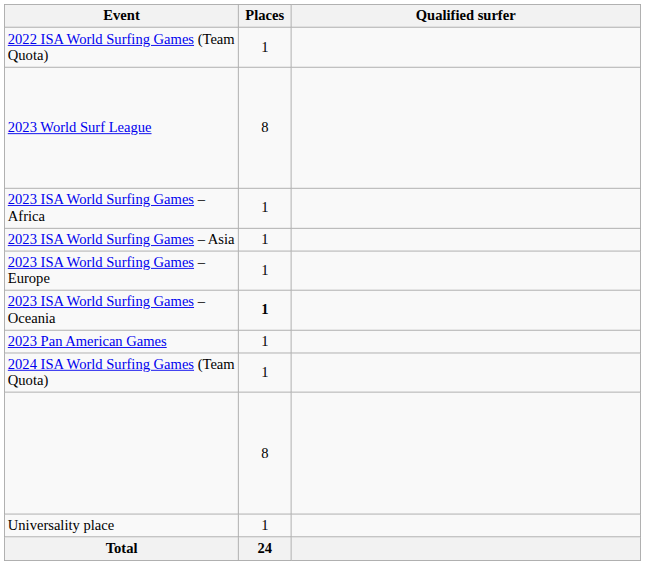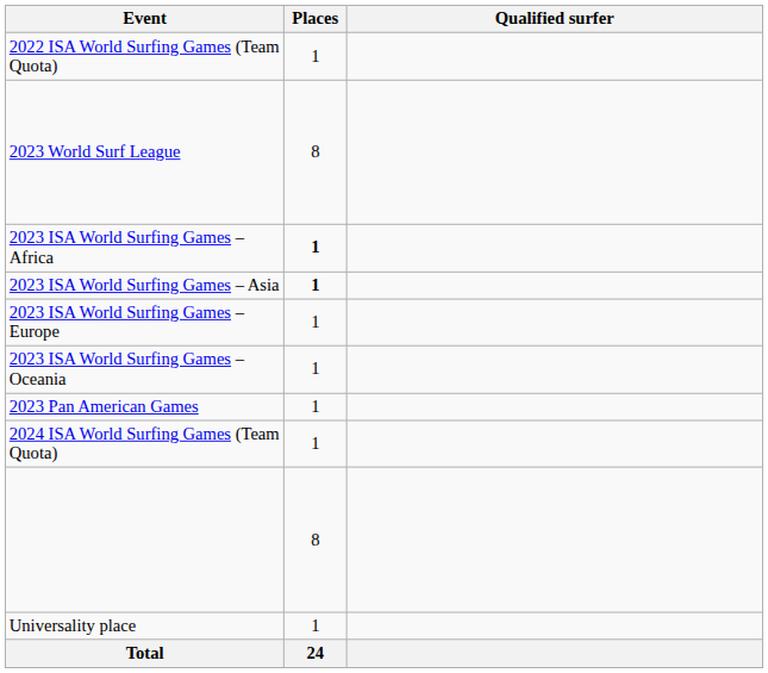 <table class="wikitable" style="text-align:left;" width=700>
 <tr>
 <th width=250>Event</th>
 <th width=50>Places</th>
 <th>Qualified surfer</th>
 </tr>
 <tr>
 <td><a href='#'>2022 ISA World Surfing Games</a> (Team Quota)</td>
 <td align="center">1</td>
 <td></td>
 </tr>
 <tr>
 <td><a href='#'>2023 World Surf League</a></td>
 <td align=center>8</td>
 <td><br><br><br><br><br><br><br></td>
 </tr>
 <tr>
 <td><a href='#'>2023 ISA World Surfing Games</a> – Africa</td>
-<td align="center">1</td>
+<td align="center"><strong>1</strong></td>
 <td></td>
 </tr>
 <tr>
 <td><a href='#'>2023 ISA World Surfing Games</a> – Asia</td>
-<td align="center">1</td>
+<td align="center"><strong>1</strong></td>
 <td></td>
 </tr>
 <tr>
 <td><a href='#'>2023 ISA World Surfing Games</a> – Europe</td>
 <td align="center">1</td>
 <td></td>
 </tr>
 <tr>
 <td><a href='#'>2023 ISA World Surfing Games</a> – Oceania</td>
-<td align="center"><strong>1</strong></td>
+<td align="center">1</td>
 <td></td>
 </tr>
 <tr>
 <td><a href='#'>2023 Pan American Games</a></td>
 <td align="center">1</td>
 <td></td>
 </tr>
 <tr>
 <td><a href='#'>2024 ISA World Surfing Games</a> (Team Quota)</td>
 <td align="center">1</td>
 <td></td>
 </tr>
 <tr>
 <td></td>
 <td align=center>8</td>
 <td><br><br><br><br><br><br><br></td>
 </tr>
 <tr>
 <td>Universality place</td>
 <td align=center>1</td>
 <td><br></td>
 </tr>
 <tr>
 <th>Total</th>
 <th>24</th>
 <th colspan=3></th>
 </tr>
 </table>
